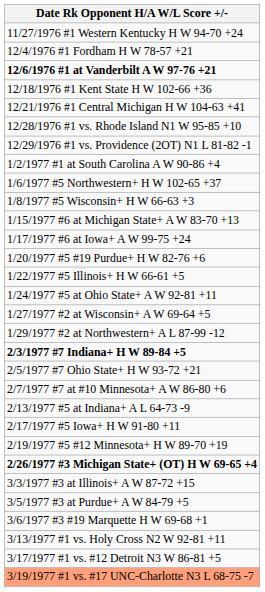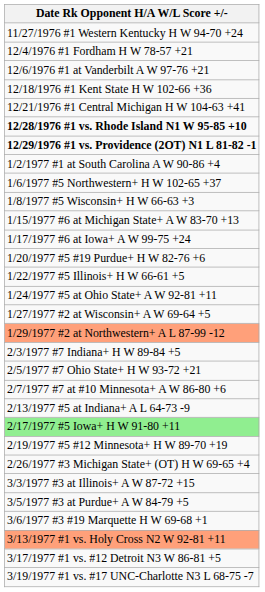 <table class="wikitable">
 <tr>
 <th>Date Rk Opponent H/A W/L Score +/-</th>
 </tr>
 <tr>
 <td>11/27/1976 #1 Western Kentucky H W 94-70 +24</td>
 </tr>
 <tr>
 <td>12/4/1976 #1 Fordham H W 78-57 +21</td>
 </tr>
 <tr>
-<td><strong>12/6/1976 #1 at Vanderbilt A W 97-76 +21</strong></td>
+<td>12/6/1976 #1 at Vanderbilt A W 97-76 +21</td>
 </tr>
 <tr>
 <td>12/18/1976 #1 Kent State H W 102-66 +36</td>
 </tr>
 <tr>
 <td>12/21/1976 #1 Central Michigan H W 104-63 +41</td>
 </tr>
 <tr>
-<td>12/28/1976 #1 vs. Rhode Island N1 W 95-85 +10</td>
+<td><strong>12/28/1976 #1 vs. Rhode Island N1 W 95-85 +10</strong></td>
 </tr>
 <tr>
-<td>12/29/1976 #1 vs. Providence (2OT) N1 L 81-82 -1</td>
+<td><strong>12/29/1976 #1 vs. Providence (2OT) N1 L 81-82 -1</strong></td>
 </tr>
 <tr>
 <td>1/2/1977 #1 at South Carolina A W 90-86 +4</td>
 </tr>
 <tr>
 <td>1/6/1977 #5 Northwestern+ H W 102-65 +37</td>
 </tr>
 <tr>
 <td>1/8/1977 #5 Wisconsin+ H W 66-63 +3</td>
 </tr>
 <tr>
 <td>1/15/1977 #6 at Michigan State+ A W 83-70 +13</td>
 </tr>
 <tr>
 <td>1/17/1977 #6 at Iowa+ A W 99-75 +24</td>
 </tr>
 <tr>
 <td>1/20/1977 #5 #19 Purdue+ H W 82-76 +6</td>
 </tr>
 <tr>
 <td>1/22/1977 #5 Illinois+ H W 66-61 +5</td>
 </tr>
 <tr>
 <td>1/24/1977 #5 at Ohio State+ A W 92-81 +11</td>
 </tr>
 <tr>
 <td>1/27/1977 #2 at Wisconsin+ A W 69-64 +5</td>
 </tr>
 <tr>
-<td>1/29/1977 #2 at Northwestern+ A L 87-99 -12</td>
+<td style="background: lightsalmon;">1/29/1977 #2 at Northwestern+ A L 87-99 -12</td>
 </tr>
 <tr>
-<td><strong>2/3/1977 #7 Indiana+ H W 89-84 +5</strong></td>
+<td>2/3/1977 #7 Indiana+ H W 89-84 +5</td>
 </tr>
 <tr>
 <td>2/5/1977 #7 Ohio State+ H W 93-72 +21</td>
 </tr>
 <tr>
 <td>2/7/1977 #7 at #10 Minnesota+ A W 86-80 +6</td>
 </tr>
 <tr>
 <td>2/13/1977 #5 at Indiana+ A L 64-73 -9</td>
 </tr>
 <tr>
-<td>2/17/1977 #5 Iowa+ H W 91-80 +11</td>
+<td style="background: lightgreen;">2/17/1977 #5 Iowa+ H W 91-80 +11</td>
 </tr>
 <tr>
 <td>2/19/1977 #5 #12 Minnesota+ H W 89-70 +19</td>
 </tr>
 <tr>
-<td><strong>2/26/1977 #3 Michigan State+ (OT) H W 69-65 +4</strong></td>
+<td>2/26/1977 #3 Michigan State+ (OT) H W 69-65 +4</td>
 </tr>
 <tr>
 <td>3/3/1977 #3 at Illinois+ A W 87-72 +15</td>
 </tr>
 <tr>
 <td>3/5/1977 #3 at Purdue+ A W 84-79 +5</td>
 </tr>
 <tr>
 <td>3/6/1977 #3 #19 Marquette H W 69-68 +1</td>
 </tr>
 <tr>
-<td>3/13/1977 #1 vs. Holy Cross N2 W 92-81 +11</td>
+<td style="background: lightsalmon;">3/13/1977 #1 vs. Holy Cross N2 W 92-81 +11</td>
 </tr>
 <tr>
 <td>3/17/1977 #1 vs. #12 Detroit N3 W 86-81 +5</td>
 </tr>
 <tr>
-<td style="background: lightsalmon;">3/19/1977 #1 vs. #17 UNC-Charlotte N3 L 68-75 -7</td>
+<td>3/19/1977 #1 vs. #17 UNC-Charlotte N3 L 68-75 -7</td>
 </tr>
 </table>
